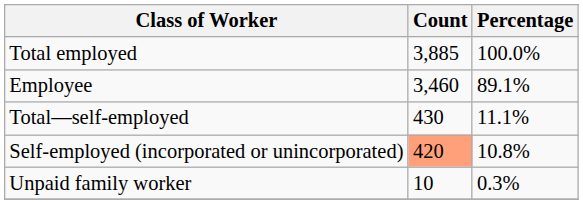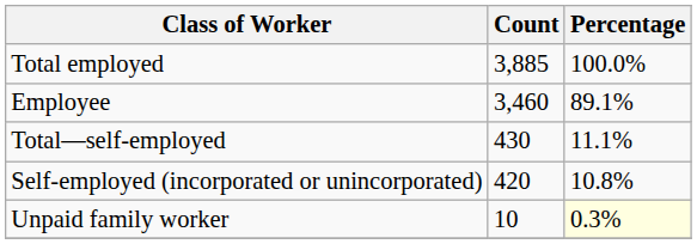 <table class="wikitable">
 <tr>
 <th>Class of Worker</th>
 <th>Count</th>
 <th>Percentage</th>
 </tr>
 <tr>
 <td>Total employed</td>
 <td>3,885</td>
 <td>100.0%</td>
 </tr>
 <tr>
 <td>Employee</td>
 <td>3,460</td>
 <td>89.1%</td>
 </tr>
 <tr>
 <td>Total—self-employed</td>
 <td>430</td>
 <td>11.1%</td>
 </tr>
 <tr>
 <td>Self-employed (incorporated or unincorporated)</td>
-<td style="background: lightsalmon;">420</td>
+<td>420</td>
 <td>10.8%</td>
 </tr>
 <tr>
 <td>Unpaid family worker</td>
 <td>10</td>
-<td>0.3%</td>
+<td style="background: lightyellow;">0.3%</td>
 </tr>
 <tr>
 </tr>
 </table>
